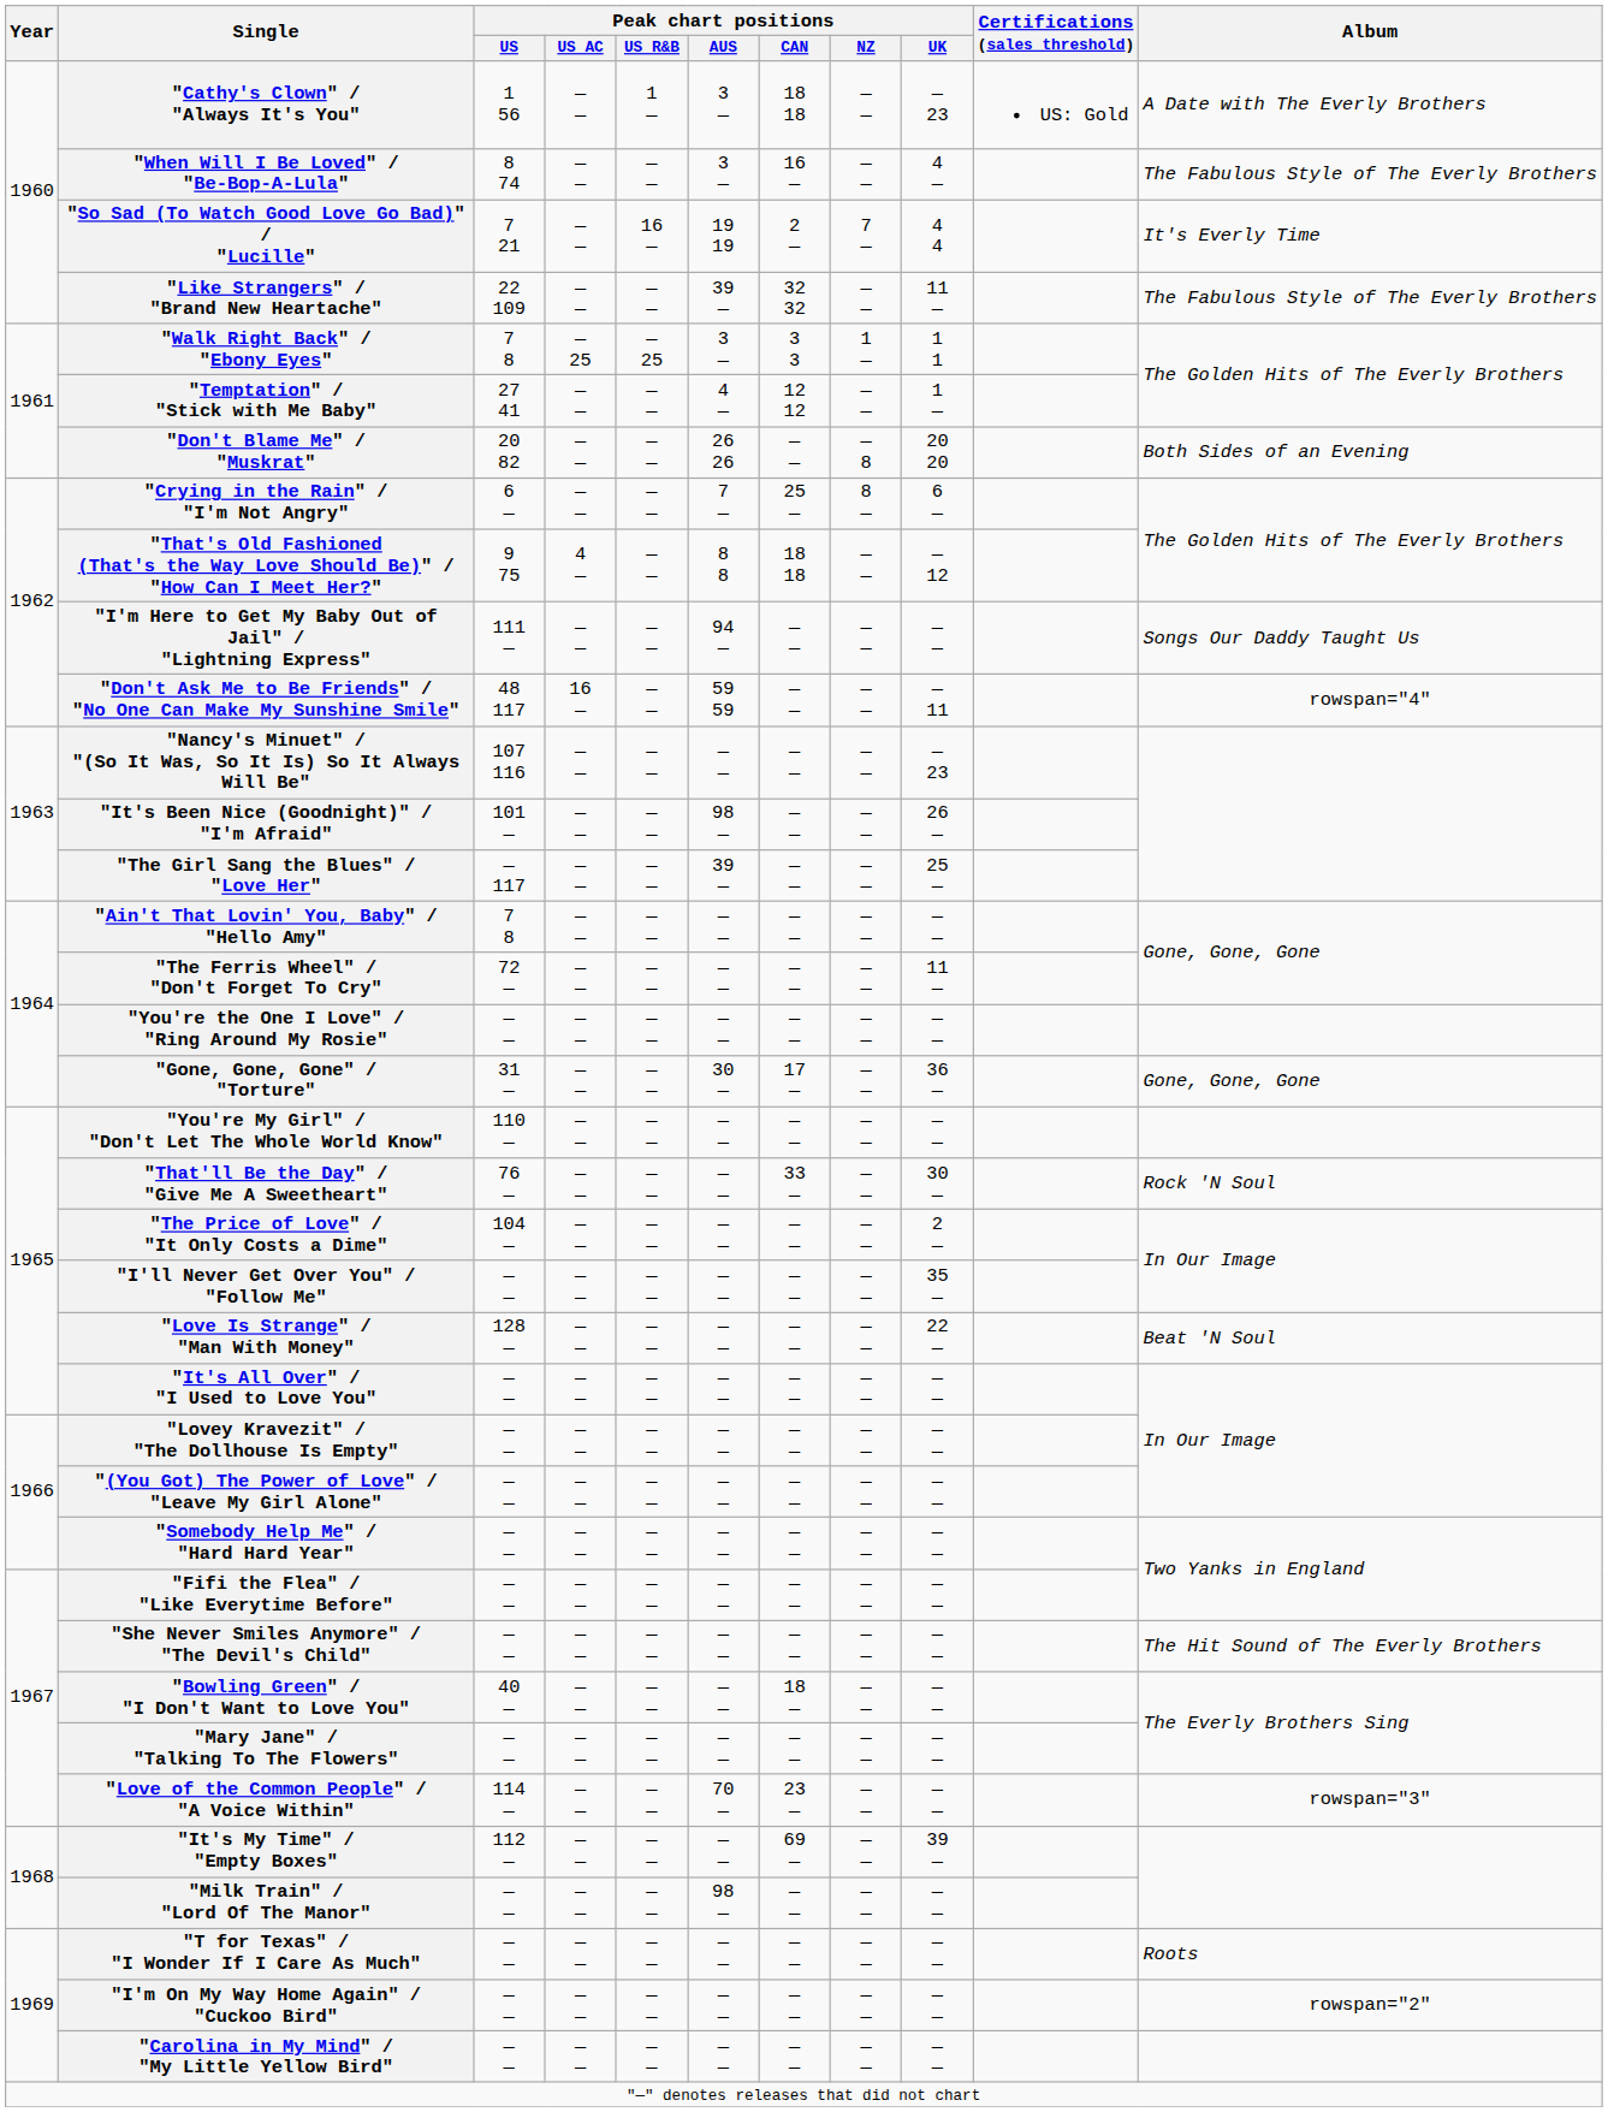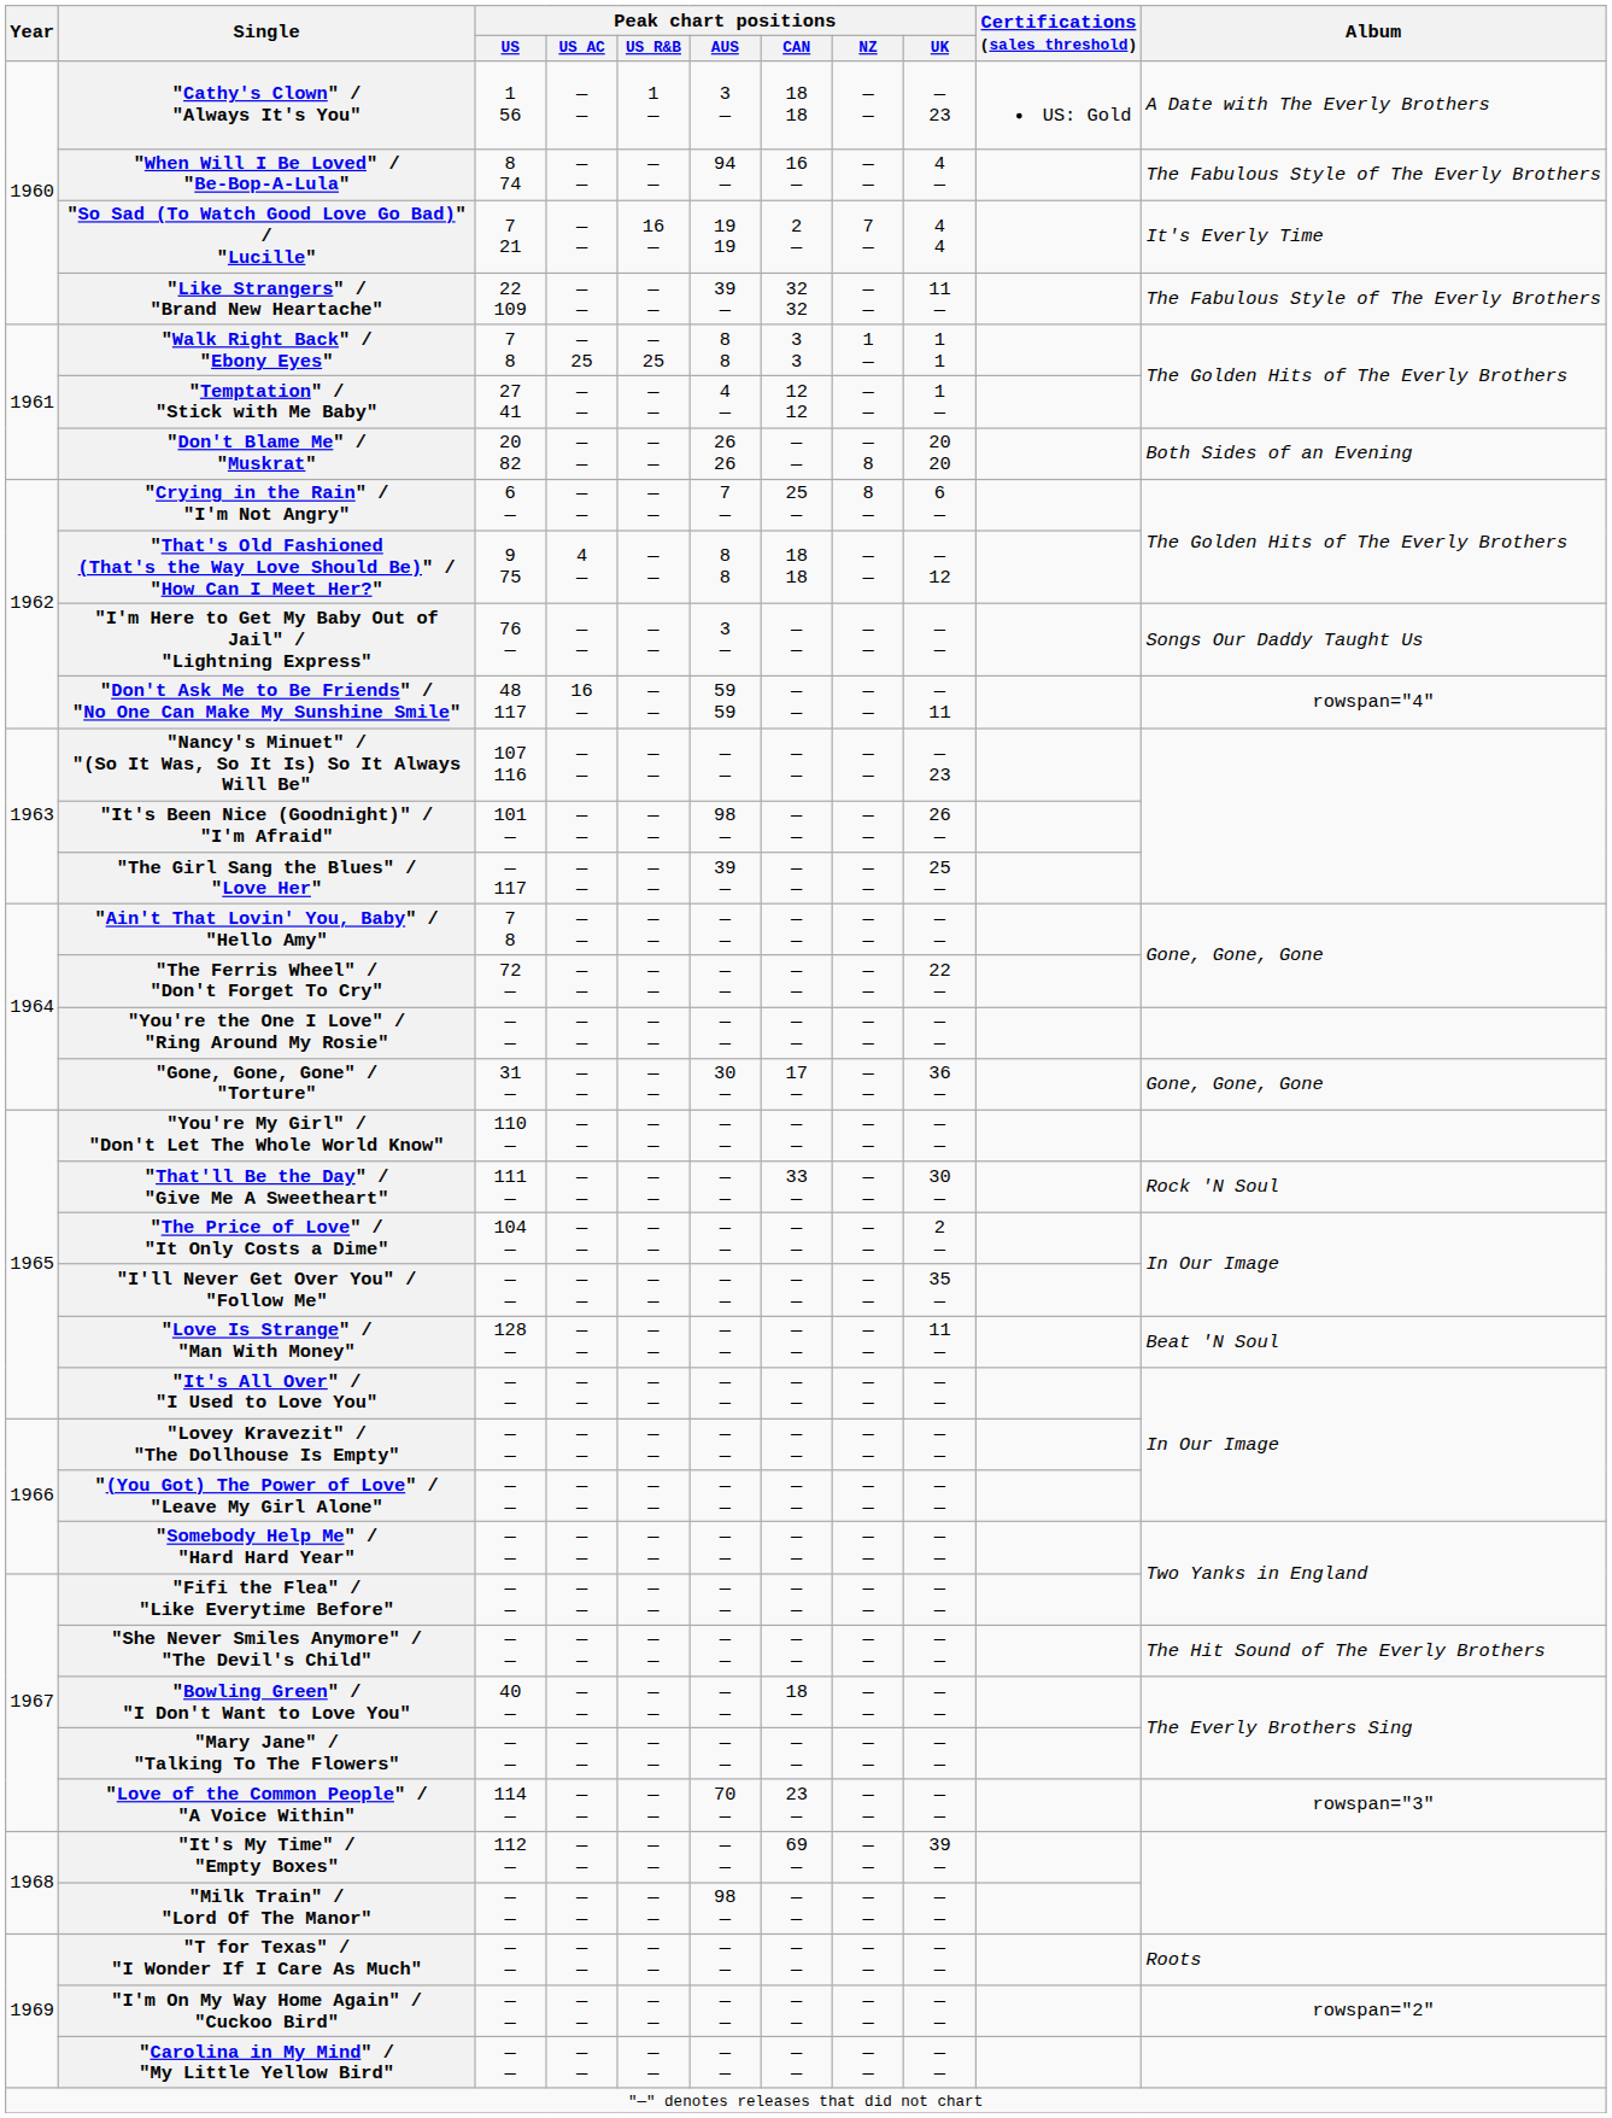 <table class="wikitable plainrowheaders" style="text-align:center;">
 <tr>
 <th rowspan="2">Year</th>
 <th rowspan="2" style="width:22em;">Single</th>
 <th colspan="7">Peak chart positions</th>
 <th rowspan="2"><a href='#'>Certifications</a><br><small>(<a href='#'>sales threshold</a>)</small></th>
 <th rowspan="2">Album</th>
 </tr>
 <tr style="font-size:smaller;">
 <th width="45"><a href='#'>US</a></th>
 <th width="45"><a href='#'>US AC</a></th>
 <th width="45"><a href='#'>US R&B</a></th>
 <th width="45"><a href='#'>AUS</a></th>
 <th width="45"><a href='#'>CAN</a></th>
 <th width="45"><a href='#'>NZ</a></th>
 <th width="45"><a href='#'>UK</a></th>
 </tr>
 <tr>
 <td rowspan="4">1960</td>
 <th scope="row">"<a href='#'>Cathy's Clown</a>" /<br>"Always It's You"</th>
 <td>1<br>56</td>
 <td>—<br>—</td>
 <td>1<br>—</td>
 <td>3<br>—</td>
 <td>18<br>18</td>
 <td>—<br>—</td>
 <td>—<br>23</td>
 <td><br><ul><li>US: Gold</li></ul></td>
 <td align="left"><em>A Date with The Everly Brothers</em></td>
 </tr>
 <tr>
 <th scope="row">"<a href='#'>When Will I Be Loved</a>" /<br>"<a href='#'>Be-Bop-A-Lula</a>"</th>
 <td>8<br>74</td>
 <td>—<br>—</td>
 <td>—<br>—</td>
-<td>3<br>—</td>
+<td>94<br>—</td>
 <td>16<br>—</td>
 <td>—<br>—</td>
 <td>4<br>—</td>
 <td></td>
 <td align="left"><em>The Fabulous Style of The Everly Brothers</em></td>
 </tr>
 <tr>
 <th scope="row">"<a href='#'>So Sad (To Watch Good Love Go Bad)</a>" /<br>"<a href='#'>Lucille</a>"</th>
 <td>7<br>21</td>
 <td>—<br>—</td>
 <td>16<br>—</td>
 <td>19<br>19</td>
 <td>2<br>—</td>
 <td>7<br>—</td>
 <td>4<br>4</td>
 <td></td>
 <td align="left"><em>It's Everly Time</em></td>
 </tr>
 <tr>
 <th scope="row">"<a href='#'>Like Strangers</a>" /<br>"Brand New Heartache"</th>
 <td>22<br>109</td>
 <td>—<br>—</td>
 <td>—<br>—</td>
 <td>39<br>—</td>
 <td>32<br>32</td>
 <td>—<br>—</td>
 <td>11<br>—</td>
 <td></td>
 <td align="left"><em>The Fabulous Style of The Everly Brothers</em></td>
 </tr>
 <tr>
 <td rowspan="3">1961</td>
 <th scope="row">"<a href='#'>Walk Right Back</a>" /<br>"<a href='#'>Ebony Eyes</a>"</th>
 <td>7<br>8</td>
 <td>—<br>25</td>
 <td>—<br>25</td>
-<td>3<br>—</td>
+<td>8<br>8</td>
 <td>3<br>3</td>
 <td>1<br>—</td>
 <td>1<br>1</td>
 <td></td>
 <td align="left" rowspan="2"><em>The Golden Hits of The Everly Brothers</em></td>
 </tr>
 <tr>
 <th scope="row">"<a href='#'>Temptation</a>" /<br>"Stick with Me Baby"</th>
 <td>27<br>41</td>
 <td>—<br>—</td>
 <td>—<br>—</td>
 <td>4<br>—</td>
 <td>12<br>12</td>
 <td>—<br>—</td>
 <td>1<br>—</td>
 <td></td>
 </tr>
 <tr>
 <th scope="row">"<a href='#'>Don't Blame Me</a>" /<br>"<a href='#'>Muskrat</a>"</th>
 <td>20<br>82</td>
 <td>—<br>—</td>
 <td>—<br>—</td>
 <td>26<br>26</td>
 <td>—<br>—</td>
 <td>—<br>8</td>
 <td>20<br>20</td>
 <td></td>
 <td align="left"><em>Both Sides of an Evening</em></td>
 </tr>
 <tr>
 <td rowspan="4">1962</td>
 <th scope="row">"<a href='#'>Crying in the Rain</a>" /<br>"I'm Not Angry"</th>
 <td>6<br>—</td>
 <td>—<br>—</td>
 <td>—<br>—</td>
 <td>7<br>—</td>
 <td>25<br>—</td>
 <td>8<br>—</td>
 <td>6<br>—</td>
 <td></td>
 <td align="left" rowspan="2"><em>The Golden Hits of The Everly Brothers</em></td>
 </tr>
 <tr>
 <th scope="row">"<a href='#'>That's Old Fashioned<br>(That's the Way Love Should Be)</a>" /<br>"<a href='#'>How Can I Meet Her?</a>"</th>
 <td>9<br>75</td>
 <td>4<br>—</td>
 <td>—<br>—</td>
 <td>8<br>8</td>
 <td>18<br>18</td>
 <td>—<br>—</td>
 <td>—<br>12</td>
 <td></td>
 </tr>
 <tr>
 <th scope="row">"I'm Here to Get My Baby Out of Jail" /<br>"Lightning Express"</th>
-<td>111<br>—</td>
+<td>76<br>—</td>
 <td>—<br>—</td>
 <td>—<br>—</td>
-<td>94<br>—</td>
+<td>3<br>—</td>
 <td>—<br>—</td>
 <td>—<br>—</td>
 <td>—<br>—</td>
 <td></td>
 <td align="left"><em>Songs Our Daddy Taught Us</em></td>
 </tr>
 <tr>
 <th scope="row">"<a href='#'>Don't Ask Me to Be Friends</a>" /<br>"<a href='#'>No One Can Make My Sunshine Smile</a>"</th>
 <td>48<br>117</td>
 <td>16<br>—</td>
 <td>—<br>—</td>
 <td>59<br>59</td>
 <td>—<br>—</td>
 <td>—<br>—</td>
 <td>—<br>11</td>
 <td></td>
 <td>rowspan="4" </td>
 </tr>
 <tr>
 <td rowspan="3">1963</td>
 <th scope="row">"Nancy's Minuet" /<br>"(So It Was, So It Is) So It Always Will Be"</th>
 <td>107<br>116</td>
 <td>—<br>—</td>
 <td>—<br>—</td>
 <td>—<br>—</td>
 <td>—<br>—</td>
 <td>—<br>—</td>
 <td>—<br>23</td>
 <td></td>
 </tr>
 <tr>
 <th scope="row">"It's Been Nice (Goodnight)" /<br>"I'm Afraid"</th>
 <td>101<br>—</td>
 <td>—<br>—</td>
 <td>—<br>—</td>
 <td>98<br>—</td>
 <td>—<br>—</td>
 <td>—<br>—</td>
 <td>26<br>—</td>
 <td></td>
 </tr>
 <tr>
 <th scope="row">"The Girl Sang the Blues" /<br>"<a href='#'>Love Her</a>"</th>
 <td>—<br>117</td>
 <td>—<br>—</td>
 <td>—<br>—</td>
 <td>39<br>—</td>
 <td>—<br>—</td>
 <td>—<br>—</td>
 <td>25<br>—</td>
 <td></td>
 </tr>
 <tr>
 <td rowspan="4">1964</td>
 <th scope="row">"<a href='#'>Ain't That Lovin' You, Baby</a>" /<br>"Hello Amy"</th>
 <td>7<br>8</td>
 <td>—<br>—</td>
 <td>—<br>—</td>
 <td>—<br>—</td>
 <td>—<br>—</td>
 <td>—<br>—</td>
 <td>—<br>—</td>
 <td></td>
 <td align="left" rowspan="2"><em>Gone, Gone, Gone</em></td>
 </tr>
 <tr>
 <th scope="row">"The Ferris Wheel" /<br>"Don't Forget To Cry"</th>
 <td>72<br>—</td>
 <td>—<br>—</td>
 <td>—<br>—</td>
 <td>—<br>—</td>
 <td>—<br>—</td>
 <td>—<br>—</td>
-<td>11<br>—</td>
+<td>22<br>—</td>
 <td></td>
 </tr>
 <tr>
 <th scope="row">"You're the One I Love" /<br>"Ring Around My Rosie"</th>
 <td>—<br>—</td>
 <td>—<br>—</td>
 <td>—<br>—</td>
 <td>—<br>—</td>
 <td>—<br>—</td>
 <td>—<br>—</td>
 <td>—<br>—</td>
 <td></td>
 <td></td>
 </tr>
 <tr>
 <th scope="row">"Gone, Gone, Gone" /<br>"Torture"</th>
 <td>31<br>—</td>
 <td>—<br>—</td>
 <td>—<br>—</td>
 <td>30<br>—</td>
 <td>17<br>—</td>
 <td>—<br>—</td>
 <td>36<br>—</td>
 <td></td>
 <td align="left"><em>Gone, Gone, Gone</em></td>
 </tr>
 <tr>
 <td rowspan="6">1965</td>
 <th scope="row">"You're My Girl" /<br>"Don't Let The Whole World Know"</th>
 <td>110<br>—</td>
 <td>—<br>—</td>
 <td>—<br>—</td>
 <td>—<br>—</td>
 <td>—<br>—</td>
 <td>—<br>—</td>
 <td>—<br>—</td>
 <td></td>
 <td></td>
 </tr>
 <tr>
 <th scope="row">"<a href='#'>That'll Be the Day</a>" /<br>"Give Me A Sweetheart"</th>
-<td>76<br>—</td>
+<td>111<br>—</td>
 <td>—<br>—</td>
 <td>—<br>—</td>
 <td>—<br>—</td>
 <td>33<br>—</td>
 <td>—<br>—</td>
 <td>30<br>—</td>
 <td></td>
 <td align="left"><em>Rock 'N Soul</em></td>
 </tr>
 <tr>
 <th scope="row">"<a href='#'>The Price of Love</a>" /<br>"It Only Costs a Dime"</th>
 <td>104<br>—</td>
 <td>—<br>—</td>
 <td>—<br>—</td>
 <td>—<br>—</td>
 <td>—<br>—</td>
 <td>—<br>—</td>
 <td>2<br>—</td>
 <td></td>
 <td align="left" rowspan="2"><em>In Our Image</em></td>
 </tr>
 <tr>
 <th scope="row">"I'll Never Get Over You" /<br>"Follow Me"</th>
 <td>—<br>—</td>
 <td>—<br>—</td>
 <td>—<br>—</td>
 <td>—<br>—</td>
 <td>—<br>—</td>
 <td>—<br>—</td>
 <td>35<br>—</td>
 <td></td>
 </tr>
 <tr>
 <th scope="row">"<a href='#'>Love Is Strange</a>" /<br>"Man With Money"</th>
 <td>128<br>—</td>
 <td>—<br>—</td>
 <td>—<br>—</td>
 <td>—<br>—</td>
 <td>—<br>—</td>
 <td>—<br>—</td>
-<td>22<br>—</td>
+<td>11<br>—</td>
 <td></td>
 <td align="left"><em>Beat 'N Soul</em></td>
 </tr>
 <tr>
 <th scope="row">"<a href='#'>It's All Over</a>" /<br>"I Used to Love You"</th>
 <td>—<br>—</td>
 <td>—<br>—</td>
 <td>—<br>—</td>
 <td>—<br>—</td>
 <td>—<br>—</td>
 <td>—<br>—</td>
 <td>—<br>—</td>
 <td></td>
 <td align="left" rowspan="3"><em>In Our Image</em></td>
 </tr>
 <tr>
 <td rowspan="3">1966</td>
 <th scope="row">"Lovey Kravezit" /<br>"The Dollhouse Is Empty"</th>
 <td>—<br>—</td>
 <td>—<br>—</td>
 <td>—<br>—</td>
 <td>—<br>—</td>
 <td>—<br>—</td>
 <td>—<br>—</td>
 <td>—<br>—</td>
 <td></td>
 </tr>
 <tr>
 <th scope="row">"<a href='#'>(You Got) The Power of Love</a>" /<br>"Leave My Girl Alone"</th>
 <td>—<br>—</td>
 <td>—<br>—</td>
 <td>—<br>—</td>
 <td>—<br>—</td>
 <td>—<br>—</td>
 <td>—<br>—</td>
 <td>—<br>—</td>
 <td></td>
 </tr>
 <tr>
 <th scope="row">"<a href='#'>Somebody Help Me</a>" /<br>"Hard Hard Year"</th>
 <td>—<br>—</td>
 <td>—<br>—</td>
 <td>—<br>—</td>
 <td>—<br>—</td>
 <td>—<br>—</td>
 <td>—<br>—</td>
 <td>—<br>—</td>
 <td></td>
 <td align="left" rowspan="2"><em>Two Yanks in England</em></td>
 </tr>
 <tr>
 <td rowspan="5">1967</td>
 <th scope="row">"Fifi the Flea" /<br>"Like Everytime Before"</th>
 <td>—<br>—</td>
 <td>—<br>—</td>
 <td>—<br>—</td>
 <td>—<br>—</td>
 <td>—<br>—</td>
 <td>—<br>—</td>
 <td>—<br>—</td>
 <td></td>
 </tr>
 <tr>
 <th scope="row">"She Never Smiles Anymore" /<br>"The Devil's Child"</th>
 <td>—<br>—</td>
 <td>—<br>—</td>
 <td>—<br>—</td>
 <td>—<br>—</td>
 <td>—<br>—</td>
 <td>—<br>—</td>
 <td>—<br>—</td>
 <td></td>
 <td align="left"><em>The Hit Sound of The Everly Brothers</em></td>
 </tr>
 <tr>
 <th scope="row">"<a href='#'>Bowling Green</a>" /<br>"I Don't Want to Love You"</th>
 <td>40<br>—</td>
 <td>—<br>—</td>
 <td>—<br>—</td>
 <td>—<br>—</td>
 <td>18<br>—</td>
 <td>—<br>—</td>
 <td>—<br>—</td>
 <td></td>
 <td align="left" rowspan="2"><em>The Everly Brothers Sing</em></td>
 </tr>
 <tr>
 <th scope="row">"Mary Jane" /<br>"Talking To The Flowers"</th>
 <td>—<br>—</td>
 <td>—<br>—</td>
 <td>—<br>—</td>
 <td>—<br>—</td>
 <td>—<br>—</td>
 <td>—<br>—</td>
 <td>—<br>—</td>
 <td></td>
 </tr>
 <tr>
 <th scope="row">"<a href='#'>Love of the Common People</a>" /<br>"A Voice Within"</th>
 <td>114<br>—</td>
 <td>—<br>—</td>
 <td>—<br>—</td>
 <td>70<br>—</td>
 <td>23<br>—</td>
 <td>—<br>—</td>
 <td>—<br>—</td>
 <td></td>
 <td>rowspan="3" </td>
 </tr>
 <tr>
 <td rowspan="2">1968</td>
 <th scope="row">"It's My Time" /<br>"Empty Boxes"</th>
 <td>112<br>—</td>
 <td>—<br>—</td>
 <td>—<br>—</td>
 <td>—<br>—</td>
 <td>69<br>—</td>
 <td>—<br>—</td>
 <td>39<br>—</td>
 <td></td>
 </tr>
 <tr>
 <th scope="row">"Milk Train" /<br>"Lord Of The Manor"</th>
 <td>—<br>—</td>
 <td>—<br>—</td>
 <td>—<br>—</td>
 <td>98<br>—</td>
 <td>—<br>—</td>
 <td>—<br>—</td>
 <td>—<br>—</td>
 <td></td>
 </tr>
 <tr>
 <td rowspan="3">1969</td>
 <th scope="row">"T for Texas" /<br>"I Wonder If I Care As Much"</th>
 <td>—<br>—</td>
 <td>—<br>—</td>
 <td>—<br>—</td>
 <td>—<br>—</td>
 <td>—<br>—</td>
 <td>—<br>—</td>
 <td>—<br>—</td>
 <td></td>
 <td align="left"><em>Roots</em></td>
 </tr>
 <tr>
 <th scope="row">"I'm On My Way Home Again" /<br>"Cuckoo Bird"</th>
 <td>—<br>—</td>
 <td>—<br>—</td>
 <td>—<br>—</td>
 <td>—<br>—</td>
 <td>—<br>—</td>
 <td>—<br>—</td>
 <td>—<br>—</td>
 <td></td>
 <td>rowspan="2" </td>
 </tr>
 <tr>
 <th scope="row">"<a href='#'>Carolina in My Mind</a>" /<br>"My Little Yellow Bird"</th>
 <td>—<br>—</td>
 <td>—<br>—</td>
 <td>—<br>—</td>
 <td>—<br>—</td>
 <td>—<br>—</td>
 <td>—<br>—</td>
 <td>—<br>—</td>
 <td></td>
 </tr>
 <tr>
 <td colspan="11" style="font-size: 8pt">"—" denotes releases that did not chart</td>
 </tr>
 <tr>
 </tr>
 </table>
